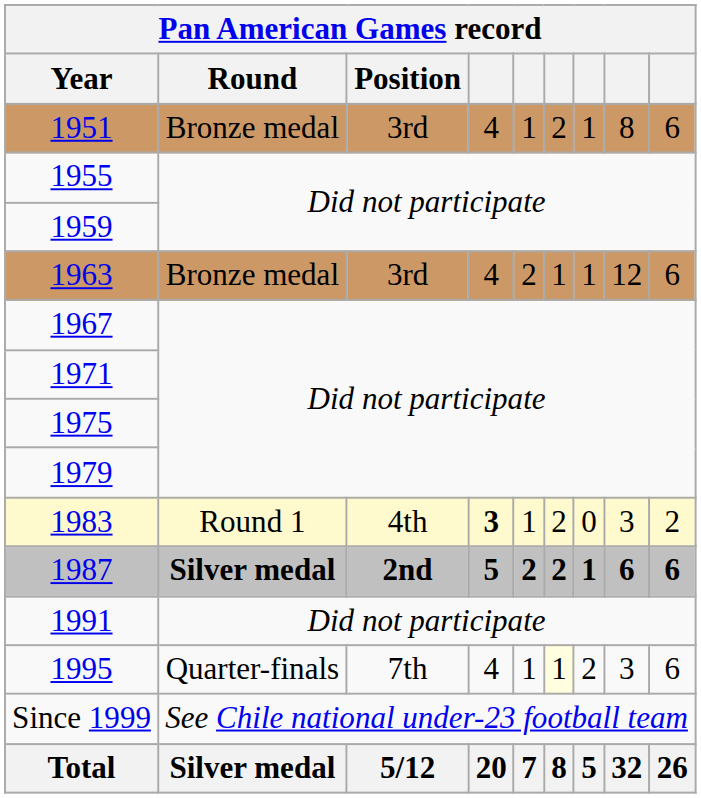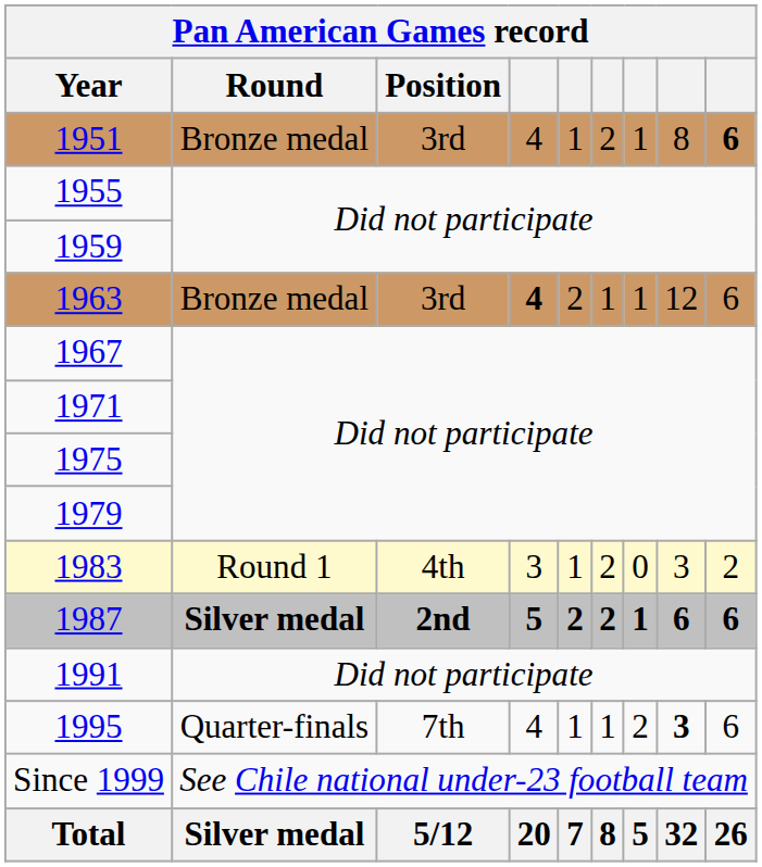 <table class="wikitable" style="text-align: center;">
 <tr>
 <th colspan=9><a href='#'>Pan American Games</a> record</th>
 </tr>
 <tr>
 <th>Year</th>
 <th>Round</th>
 <th>Position</th>
 <th></th>
 <th></th>
 <th></th>
 <th></th>
 <th></th>
 <th></th>
 </tr>
 <tr style="background:#c96;">
 <td> <a href='#'>1951</a></td>
 <td>Bronze medal</td>
 <td>3rd</td>
 <td>4</td>
 <td>1</td>
 <td>2</td>
 <td>1</td>
 <td>8</td>
-<td>6</td>
+<td><strong>6</strong></td>
 </tr>
 <tr>
 <td> <a href='#'>1955</a></td>
 <td colspan=8 rowspan=2><em>Did not participate</em></td>
 </tr>
 <tr>
 <td> <a href='#'>1959</a></td>
 </tr>
 <tr style="background:#c96;">
 <td> <a href='#'>1963</a></td>
 <td>Bronze medal</td>
 <td>3rd</td>
-<td>4</td>
+<td><strong>4</strong></td>
 <td>2</td>
 <td>1</td>
 <td>1</td>
 <td>12</td>
 <td>6</td>
 </tr>
 <tr>
 <td> <a href='#'>1967</a></td>
 <td colspan=8 rowspan=4><em>Did not participate</em></td>
 </tr>
 <tr>
 <td> <a href='#'>1971</a></td>
 </tr>
 <tr>
 <td> <a href='#'>1975</a></td>
 </tr>
 <tr>
 <td> <a href='#'>1979</a></td>
 </tr>
 <tr style="background:LemonChiffon;">
 <td> <a href='#'>1983</a></td>
 <td>Round 1</td>
 <td>4th</td>
-<td><strong>3</strong></td>
+<td>3</td>
 <td>1</td>
 <td>2</td>
 <td>0</td>
 <td>3</td>
 <td>2</td>
 </tr>
 <tr style="background:Silver;">
 <td> <a href='#'>1987</a></td>
 <td><strong>Silver medal</strong></td>
 <td><strong>2nd</strong></td>
 <td><strong>5</strong></td>
 <td><strong>2</strong></td>
 <td><strong>2</strong></td>
 <td><strong>1</strong></td>
 <td><strong>6</strong></td>
 <td><strong>6</strong></td>
 </tr>
 <tr>
 <td> <a href='#'>1991</a></td>
 <td colspan=8><em>Did not participate</em></td>
 </tr>
 <tr>
 <td> <a href='#'>1995</a></td>
 <td>Quarter-finals</td>
 <td>7th</td>
 <td>4</td>
 <td>1</td>
-<td style="background: lightyellow;">1</td>
+<td>1</td>
 <td>2</td>
-<td>3</td>
+<td><strong>3</strong></td>
 <td>6</td>
 </tr>
 <tr>
 <td>Since <a href='#'>1999</a></td>
 <td colspan=8><em>See <a href='#'>Chile national under-23 football team</a></em></td>
 </tr>
 <tr>
 <th>Total</th>
 <th>Silver medal</th>
 <th>5/12</th>
 <th>20</th>
 <th>7</th>
 <th>8</th>
 <th>5</th>
 <th>32</th>
 <th>26</th>
 </tr>
 </table>
